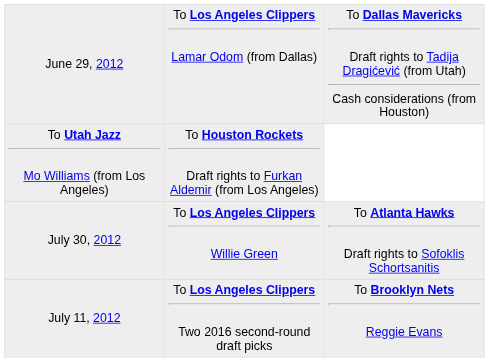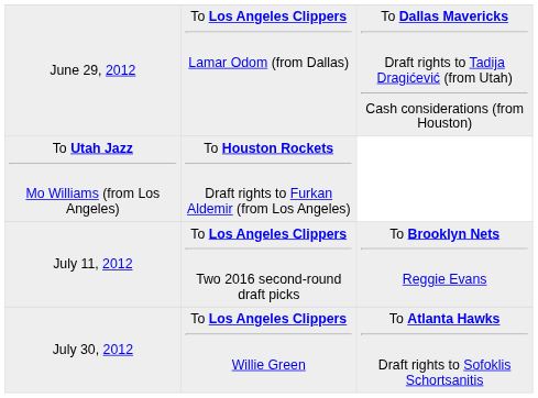 <table border=1 style="border-collapse:collapse; text-align: center; width: 100%" bordercolor="#DFDFDF"  cellpadding="5">
 <tr>
 </tr>
 <tr bgcolor="eeeeee">
 <td style="width:12%" rowspan=2>June 29, <a href='#'>2012</a></td>
 <td style="width:30%" valign="top">To <strong><a href='#'>Los Angeles Clippers</a></strong><hr><br><a href='#'>Lamar Odom</a> (from Dallas)</td>
 <td style="width:30%" valign="top">To <strong><a href='#'>Dallas Mavericks</a></strong><hr><br>Draft rights to <a href='#'>Tadija Dragićević</a> (from Utah)<hr> Cash considerations (from Houston)</td>
 </tr>
 <tr>
 </tr>
 <tr bgcolor="eeeeee">
 <td style="width:30%; vertical-align:top;">To <strong><a href='#'>Utah Jazz</a></strong><hr><br><a href='#'>Mo Williams</a> (from Los Angeles)</td>
 <td style="width:30%; vertical-align:top;">To <strong><a href='#'>Houston Rockets</a></strong><hr><br>Draft rights to <a href='#'>Furkan Aldemir</a> (from Los Angeles)</td>
 </tr>
 <tr>
 </tr>
 <tr bgcolor="eeeeee">
+<td style="width:12%">July 11, <a href='#'>2012</a></td>
+<td style="width:30%" valign="top">To <strong><a href='#'>Los Angeles Clippers</a></strong><hr><br>Two 2016 second-round draft picks</td>
+<td style="width:30%" valign="top">To <strong><a href='#'>Brooklyn Nets</a></strong><hr><br><a href='#'>Reggie Evans</a></td>
+</tr>
+<tr>
+</tr>
+<tr bgcolor="eeeeee">
 <td style="width:12%">July 30, <a href='#'>2012</a></td>
 <td style="width:30%" valign="top">To <strong><a href='#'>Los Angeles Clippers</a></strong><hr><br><a href='#'>Willie Green</a></td>
 <td style="width:30%" valign="top">To <strong><a href='#'>Atlanta Hawks</a></strong><hr><br>Draft rights to <a href='#'>Sofoklis Schortsanitis</a></td>
 </tr>
-<tr>
-</tr>
-<tr bgcolor="eeeeee">
-<td style="width:12%">July 11, <a href='#'>2012</a></td>
-<td style="width:30%" valign="top">To <strong><a href='#'>Los Angeles Clippers</a></strong><hr><br>Two 2016 second-round draft picks</td>
-<td style="width:30%" valign="top">To <strong><a href='#'>Brooklyn Nets</a></strong><hr><br><a href='#'>Reggie Evans</a></td>
-</tr>
 </table>
